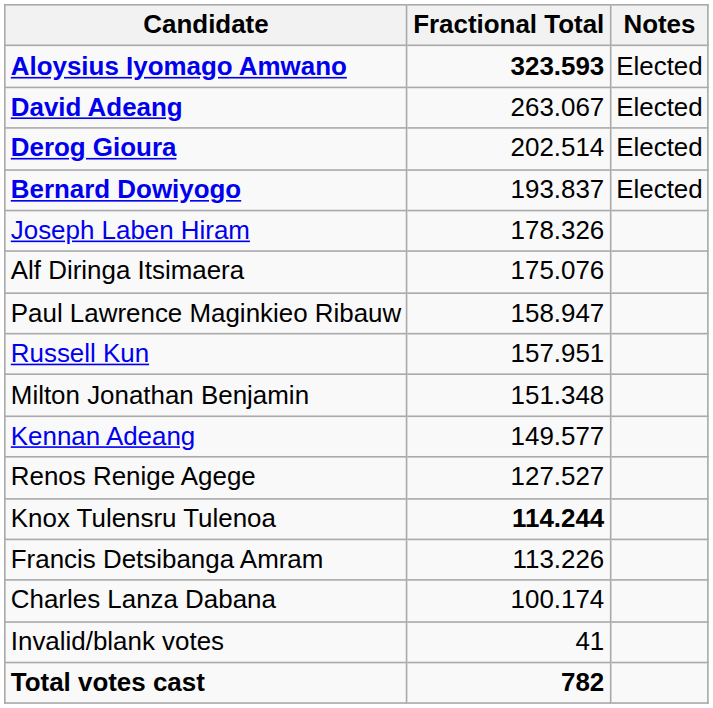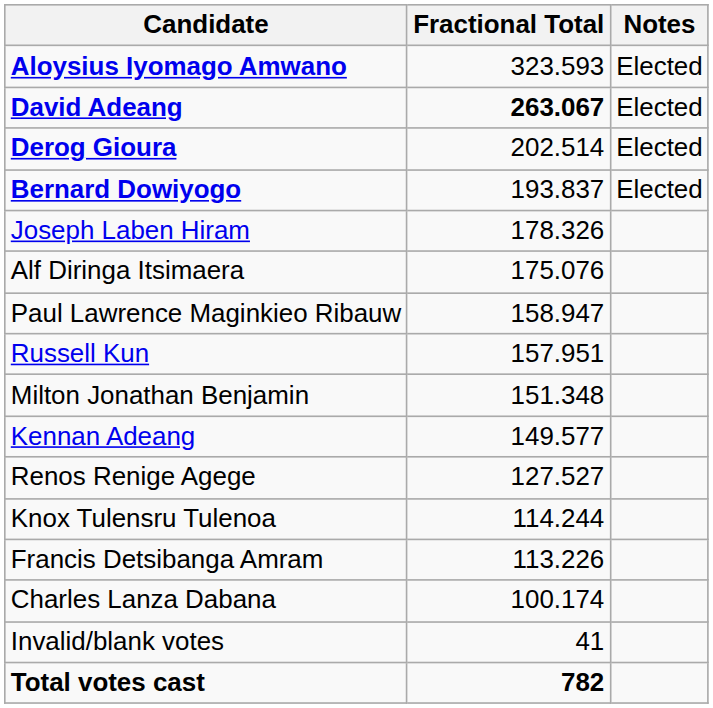 <table class=wikitable style=text-align:left>
 <tr>
 <th>Candidate</th>
 <th>Fractional Total</th>
 <th>Notes</th>
 </tr>
 <tr>
 <td><strong><a href='#'>Aloysius Iyomago Amwano</a></strong></td>
-<td align=right><strong>323.593</strong></td>
+<td align=right>323.593</td>
 <td>Elected</td>
 </tr>
 <tr>
 <td><strong><a href='#'>David Adeang</a></strong></td>
-<td align=right>263.067</td>
+<td align=right><strong>263.067</strong></td>
 <td>Elected</td>
 </tr>
 <tr>
 <td><strong><a href='#'>Derog Gioura</a></strong></td>
 <td align=right>202.514</td>
 <td>Elected</td>
 </tr>
 <tr>
 <td><strong><a href='#'>Bernard Dowiyogo</a></strong></td>
 <td align=right>193.837</td>
 <td>Elected</td>
 </tr>
 <tr>
 <td><a href='#'>Joseph Laben Hiram</a></td>
 <td align=right>178.326</td>
 <td></td>
 </tr>
 <tr>
 <td>Alf Diringa Itsimaera</td>
 <td align=right>175.076</td>
 <td></td>
 </tr>
 <tr>
 <td>Paul Lawrence Maginkieo Ribauw</td>
 <td align=right>158.947</td>
 <td></td>
 </tr>
 <tr>
 <td><a href='#'>Russell Kun</a></td>
 <td align=right>157.951</td>
 <td></td>
 </tr>
 <tr>
 <td>Milton Jonathan Benjamin</td>
 <td align=right>151.348</td>
 <td></td>
 </tr>
 <tr>
 <td><a href='#'>Kennan Adeang</a></td>
 <td align=right>149.577</td>
 <td></td>
 </tr>
 <tr>
 <td>Renos Renige Agege</td>
 <td align=right>127.527</td>
 <td></td>
 </tr>
 <tr>
 <td>Knox Tulensru Tulenoa</td>
-<td align=right><strong>114.244</strong></td>
+<td align=right>114.244</td>
 <td></td>
 </tr>
 <tr>
 <td>Francis Detsibanga Amram</td>
 <td align=right>113.226</td>
 <td></td>
 </tr>
 <tr>
 <td>Charles Lanza Dabana</td>
 <td align=right>100.174</td>
 <td></td>
 </tr>
 <tr>
 <td>Invalid/blank votes</td>
 <td align=right>41</td>
 <td></td>
 </tr>
 <tr>
 <td><strong>Total votes cast</strong></td>
 <td align=right><strong>782</strong></td>
 </tr>
 </table>
